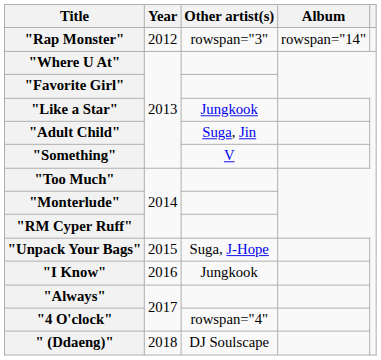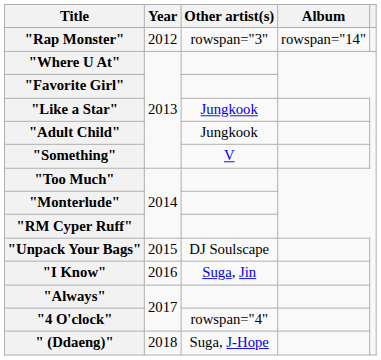 <table class="wikitable plainrowheaders" style="text-align:center;">
 <tr>
 <th scope="col">Title</th>
 <th scope="col">Year</th>
 <th scope="col">Other artist(s)</th>
 <th scope="col">Album</th>
 <th scope="col"></th>
 </tr>
 <tr>
 <th scope="row">"Rap Monster"</th>
 <td rowspan="row">2012</td>
 <td>rowspan="3" </td>
 <td>rowspan="14" </td>
 <td></td>
 </tr>
 <tr>
 <th scope="row">"Where U At"</th>
 <td rowspan="5">2013</td>
 <td></td>
 </tr>
 <tr>
 <th scope="row">"Favorite Girl"</th>
 <td></td>
 </tr>
 <tr>
 <th scope="row">"Like a Star"</th>
 <td><a href='#'>Jungkook</a></td>
 <td></td>
 </tr>
 <tr>
 <th scope="row">"Adult Child"</th>
-<td><a href='#'>Suga</a>, <a href='#'>Jin</a></td>
+<td>Jungkook</td>
 <td></td>
 </tr>
 <tr>
 <th scope="row">"Something"</th>
 <td><a href='#'>V</a></td>
 <td></td>
 </tr>
 <tr>
 <th scope="row">"Too Much"</th>
 <td rowspan="3">2014</td>
 <td></td>
 </tr>
 <tr>
 <th scope="row">"Monterlude"</th>
 <td></td>
 </tr>
 <tr>
 <th scope="row">"RM Cyper Ruff"</th>
 <td></td>
 </tr>
 <tr>
 <th scope="row">"Unpack Your Bags"</th>
 <td>2015</td>
-<td>Suga, <a href='#'>J-Hope</a></td>
+<td>DJ Soulscape</td>
 <td></td>
 </tr>
 <tr>
 <th scope="row">"I Know"</th>
 <td>2016</td>
-<td>Jungkook</td>
+<td><a href='#'>Suga</a>, <a href='#'>Jin</a></td>
 <td></td>
 </tr>
 <tr>
 <th scope="row">"Always"</th>
 <td rowspan="2">2017</td>
 <td></td>
 <td></td>
 </tr>
 <tr>
 <th scope="row">"4 O'clock"</th>
 <td>rowspan="4" </td>
 <td></td>
 </tr>
 <tr>
 <th scope="row">" (Ddaeng)"</th>
 <td>2018</td>
-<td>DJ Soulscape</td>
+<td>Suga, <a href='#'>J-Hope</a></td>
 <td></td>
 </tr>
 </table>
